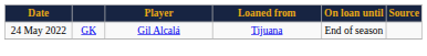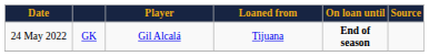 <table class="wikitable" style="text-align:center; font-size:95%; ">
 <tr>
 <th style="background:#172442; color:#E9A916; width:120px;">Date</th>
 <th style="background:#172442; color:#E9A916; width:50px;"></th>
 <th style="background:#172442; color:#E9A916; width:200px;">Player</th>
 <th style="background:#172442; color:#E9A916; width:200px;">Loaned from</th>
 <th style="background:#172442; color:#E9A916; width:110px;">On loan until</th>
 <th style="background:#172442; color:#E9A916; width:25px;">Source</th>
 </tr>
 <tr>
 <td>24 May 2022</td>
 <td><a href='#'>GK</a></td>
 <td> <a href='#'>Gil Alcalá</a></td>
 <td> <a href='#'>Tijuana</a></td>
-<td>End of season</td>
+<td><strong>End of season</strong></td>
 <td></td>
 </tr>
 <tr>
 </tr>
 </table>
